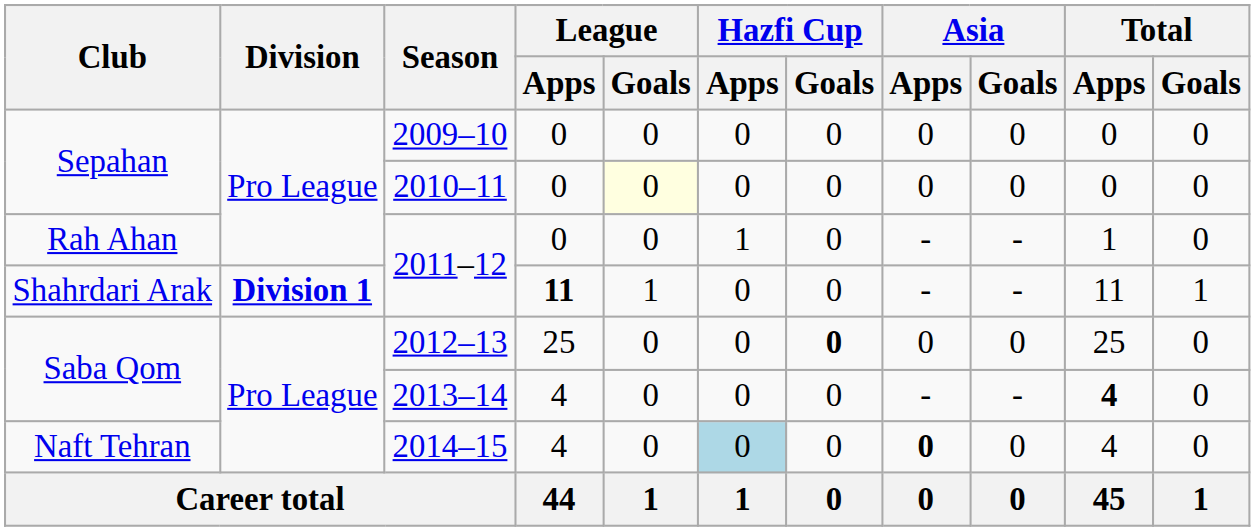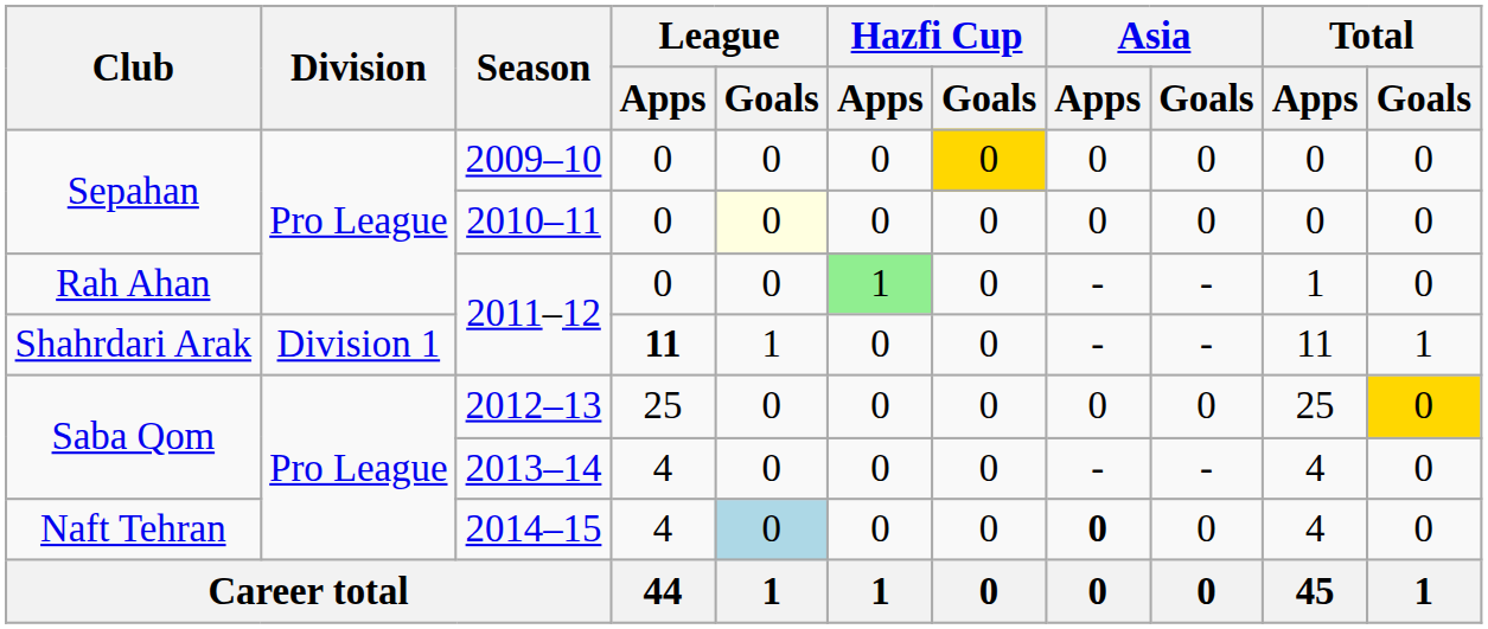 <table class="wikitable" style="text-align: center;">
 <tr>
 <th rowspan="2">Club</th>
 <th rowspan="2">Division</th>
 <th rowspan="2">Season</th>
 <th colspan="2">League</th>
 <th colspan="2"><a href='#'>Hazfi Cup</a></th>
 <th colspan="2"><a href='#'>Asia</a></th>
 <th colspan="2">Total</th>
 </tr>
 <tr>
 <th>Apps</th>
 <th>Goals</th>
 <th>Apps</th>
 <th>Goals</th>
 <th>Apps</th>
 <th>Goals</th>
 <th>Apps</th>
 <th>Goals</th>
 </tr>
 <tr>
 <td rowspan="2"><a href='#'>Sepahan</a></td>
 <td rowspan="3"><a href='#'>Pro League</a></td>
 <td><a href='#'>2009–10</a></td>
 <td>0</td>
 <td>0</td>
 <td>0</td>
-<td>0</td>
+<td style="background: gold;">0</td>
 <td>0</td>
 <td>0</td>
 <td>0</td>
 <td>0</td>
 </tr>
 <tr>
 <td><a href='#'>2010–11</a></td>
 <td>0</td>
 <td style="background: lightyellow;">0</td>
 <td>0</td>
 <td>0</td>
 <td>0</td>
 <td>0</td>
 <td>0</td>
 <td>0</td>
 </tr>
 <tr>
 <td><a href='#'>Rah Ahan</a></td>
 <td rowspan="2"><a href='#'>2011</a>–<a href='#'>12</a></td>
 <td>0</td>
 <td>0</td>
-<td>1</td>
+<td style="background: lightgreen;">1</td>
 <td>0</td>
 <td>-</td>
 <td>-</td>
 <td>1</td>
 <td>0</td>
 </tr>
 <tr>
 <td><a href='#'>Shahrdari Arak</a></td>
-<td><strong><a href='#'>Division 1</a></strong></td>
+<td><a href='#'>Division 1</a></td>
 <td><strong>11</strong></td>
 <td>1</td>
 <td>0</td>
 <td>0</td>
 <td>-</td>
 <td>-</td>
 <td>11</td>
 <td>1</td>
 </tr>
 <tr>
 <td rowspan="2"><a href='#'>Saba Qom</a></td>
 <td rowspan="3"><a href='#'>Pro League</a></td>
 <td><a href='#'>2012–13</a></td>
 <td>25</td>
 <td>0</td>
 <td>0</td>
-<td><strong>0</strong></td>
+<td>0</td>
 <td>0</td>
 <td>0</td>
 <td>25</td>
-<td>0</td>
+<td style="background: gold;">0</td>
 </tr>
 <tr>
 <td><a href='#'>2013–14</a></td>
 <td>4</td>
 <td>0</td>
 <td>0</td>
 <td>0</td>
 <td>-</td>
 <td>-</td>
-<td><strong>4</strong></td>
+<td>4</td>
 <td>0</td>
 </tr>
 <tr>
 <td><a href='#'>Naft Tehran</a></td>
 <td><a href='#'>2014–15</a></td>
 <td>4</td>
+<td style="background: lightblue;">0</td>
 <td>0</td>
-<td style="background: lightblue;">0</td>
 <td>0</td>
 <td><strong>0</strong></td>
 <td>0</td>
 <td>4</td>
 <td>0</td>
 </tr>
 <tr>
 <th colspan=3>Career total</th>
 <th>44</th>
 <th>1</th>
 <th>1</th>
 <th>0</th>
 <th>0</th>
 <th>0</th>
 <th>45</th>
 <th>1</th>
 </tr>
 </table>
